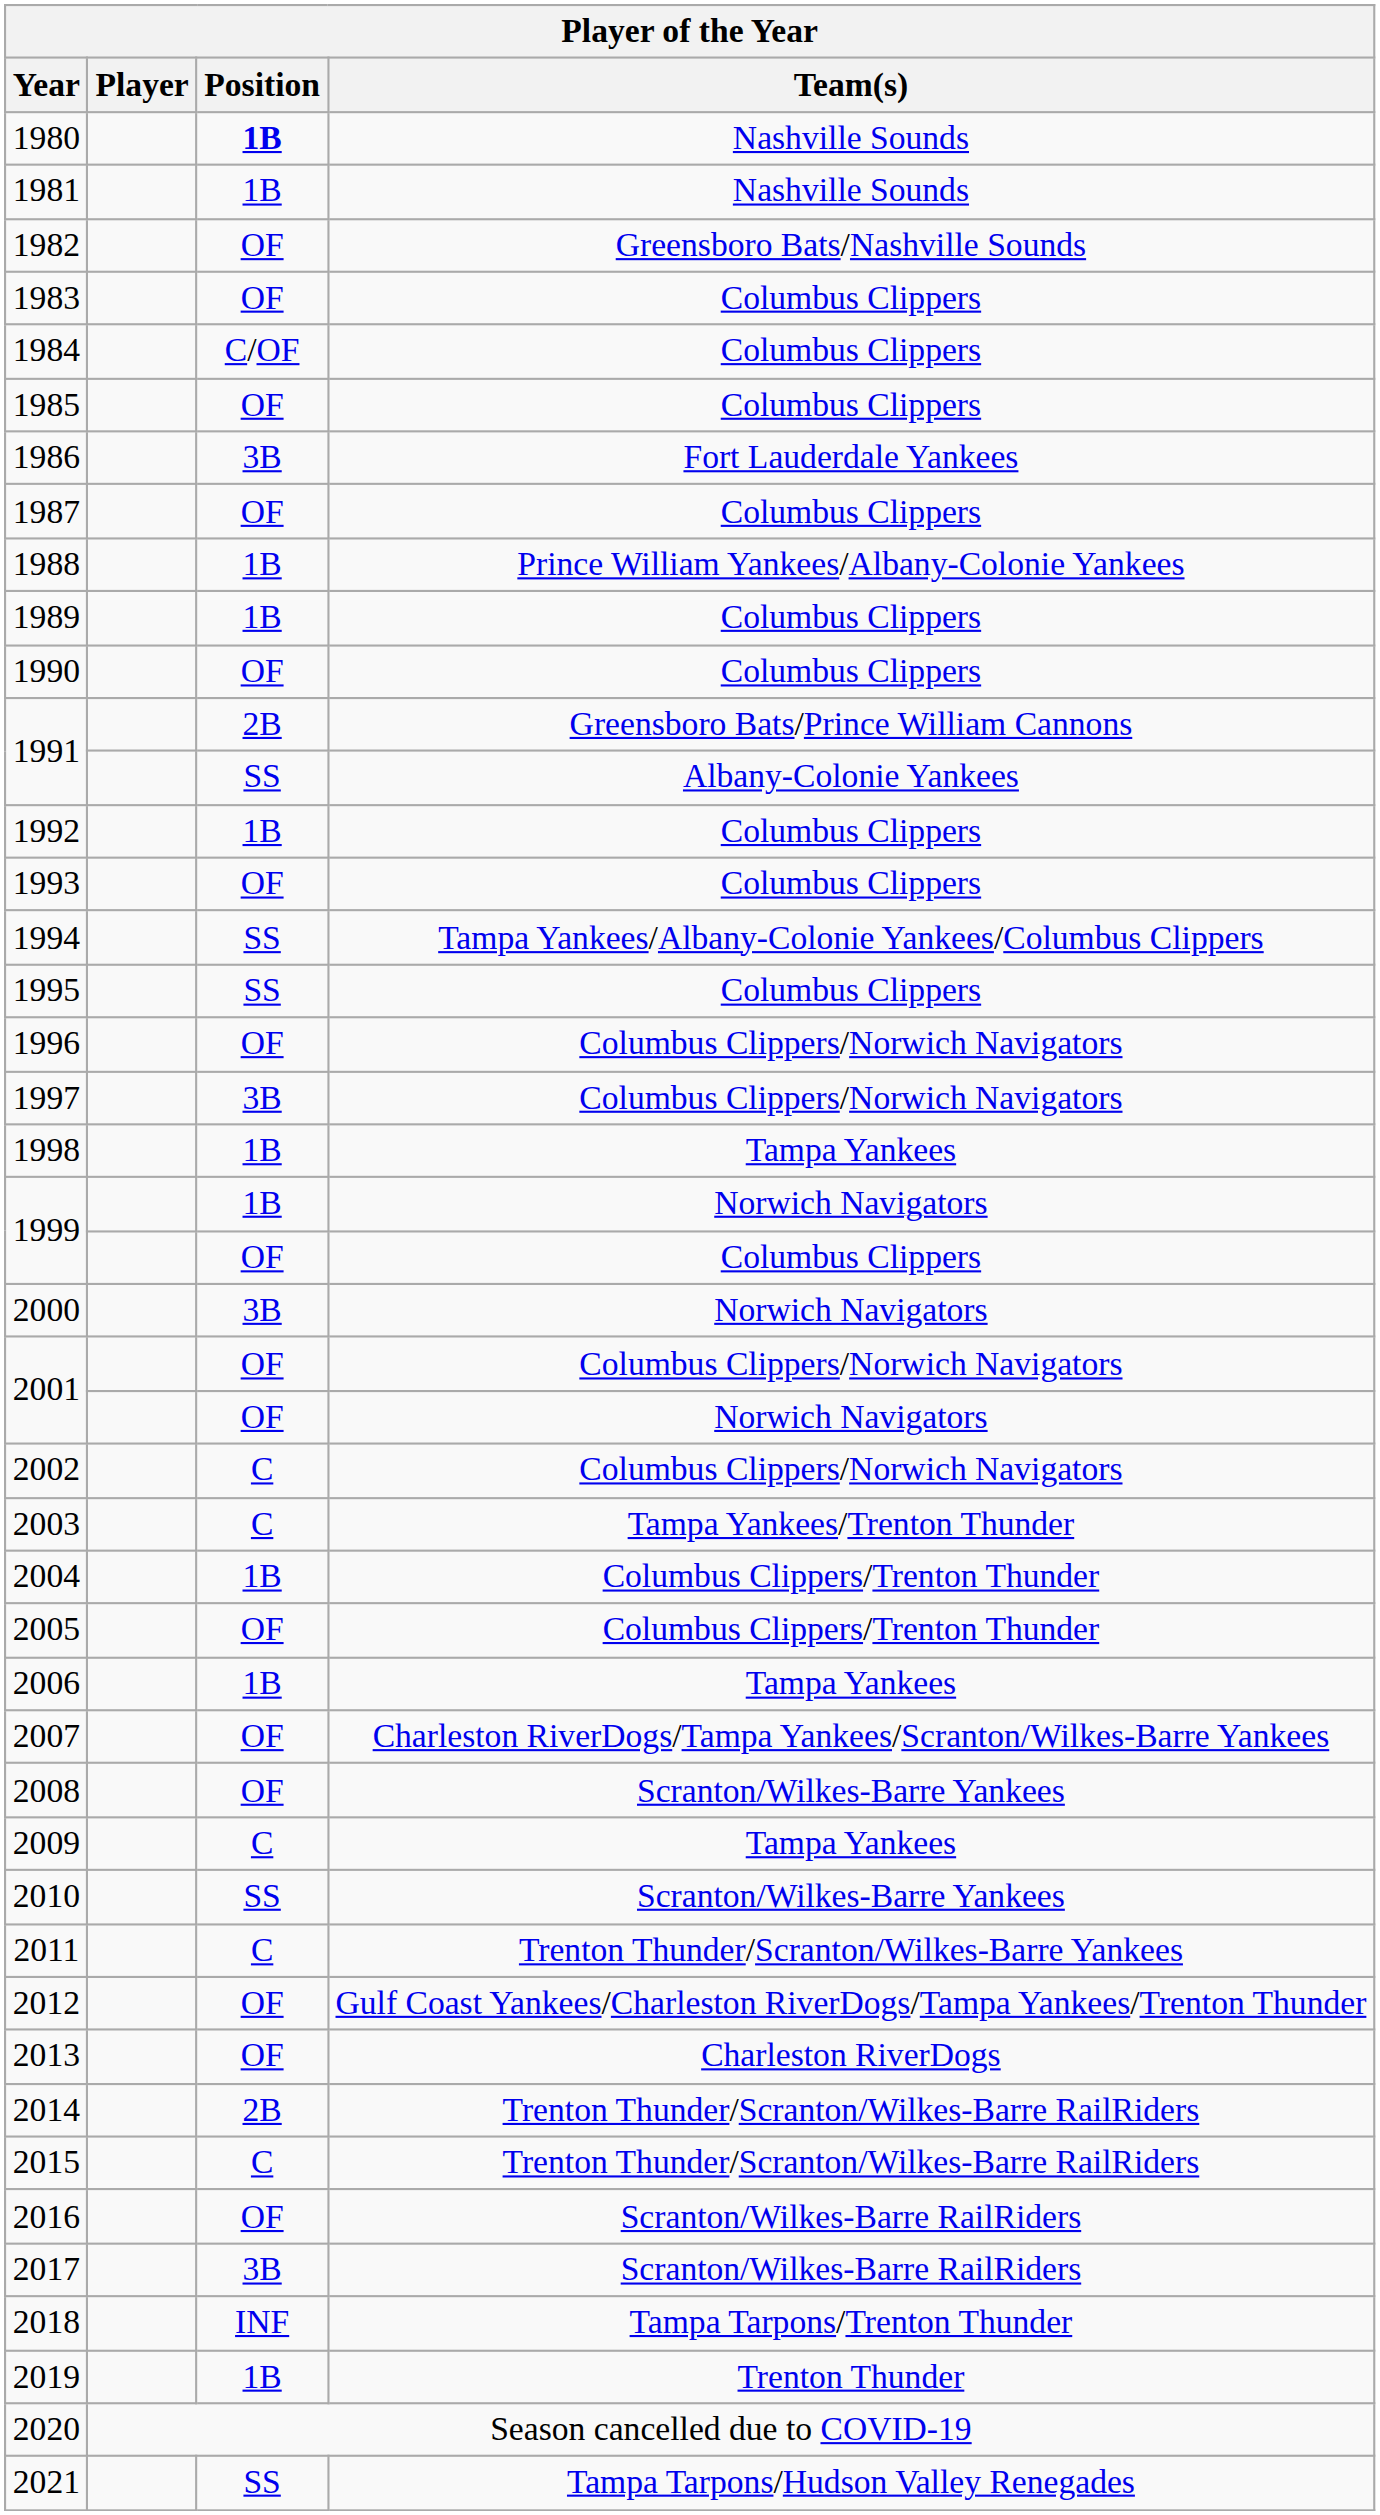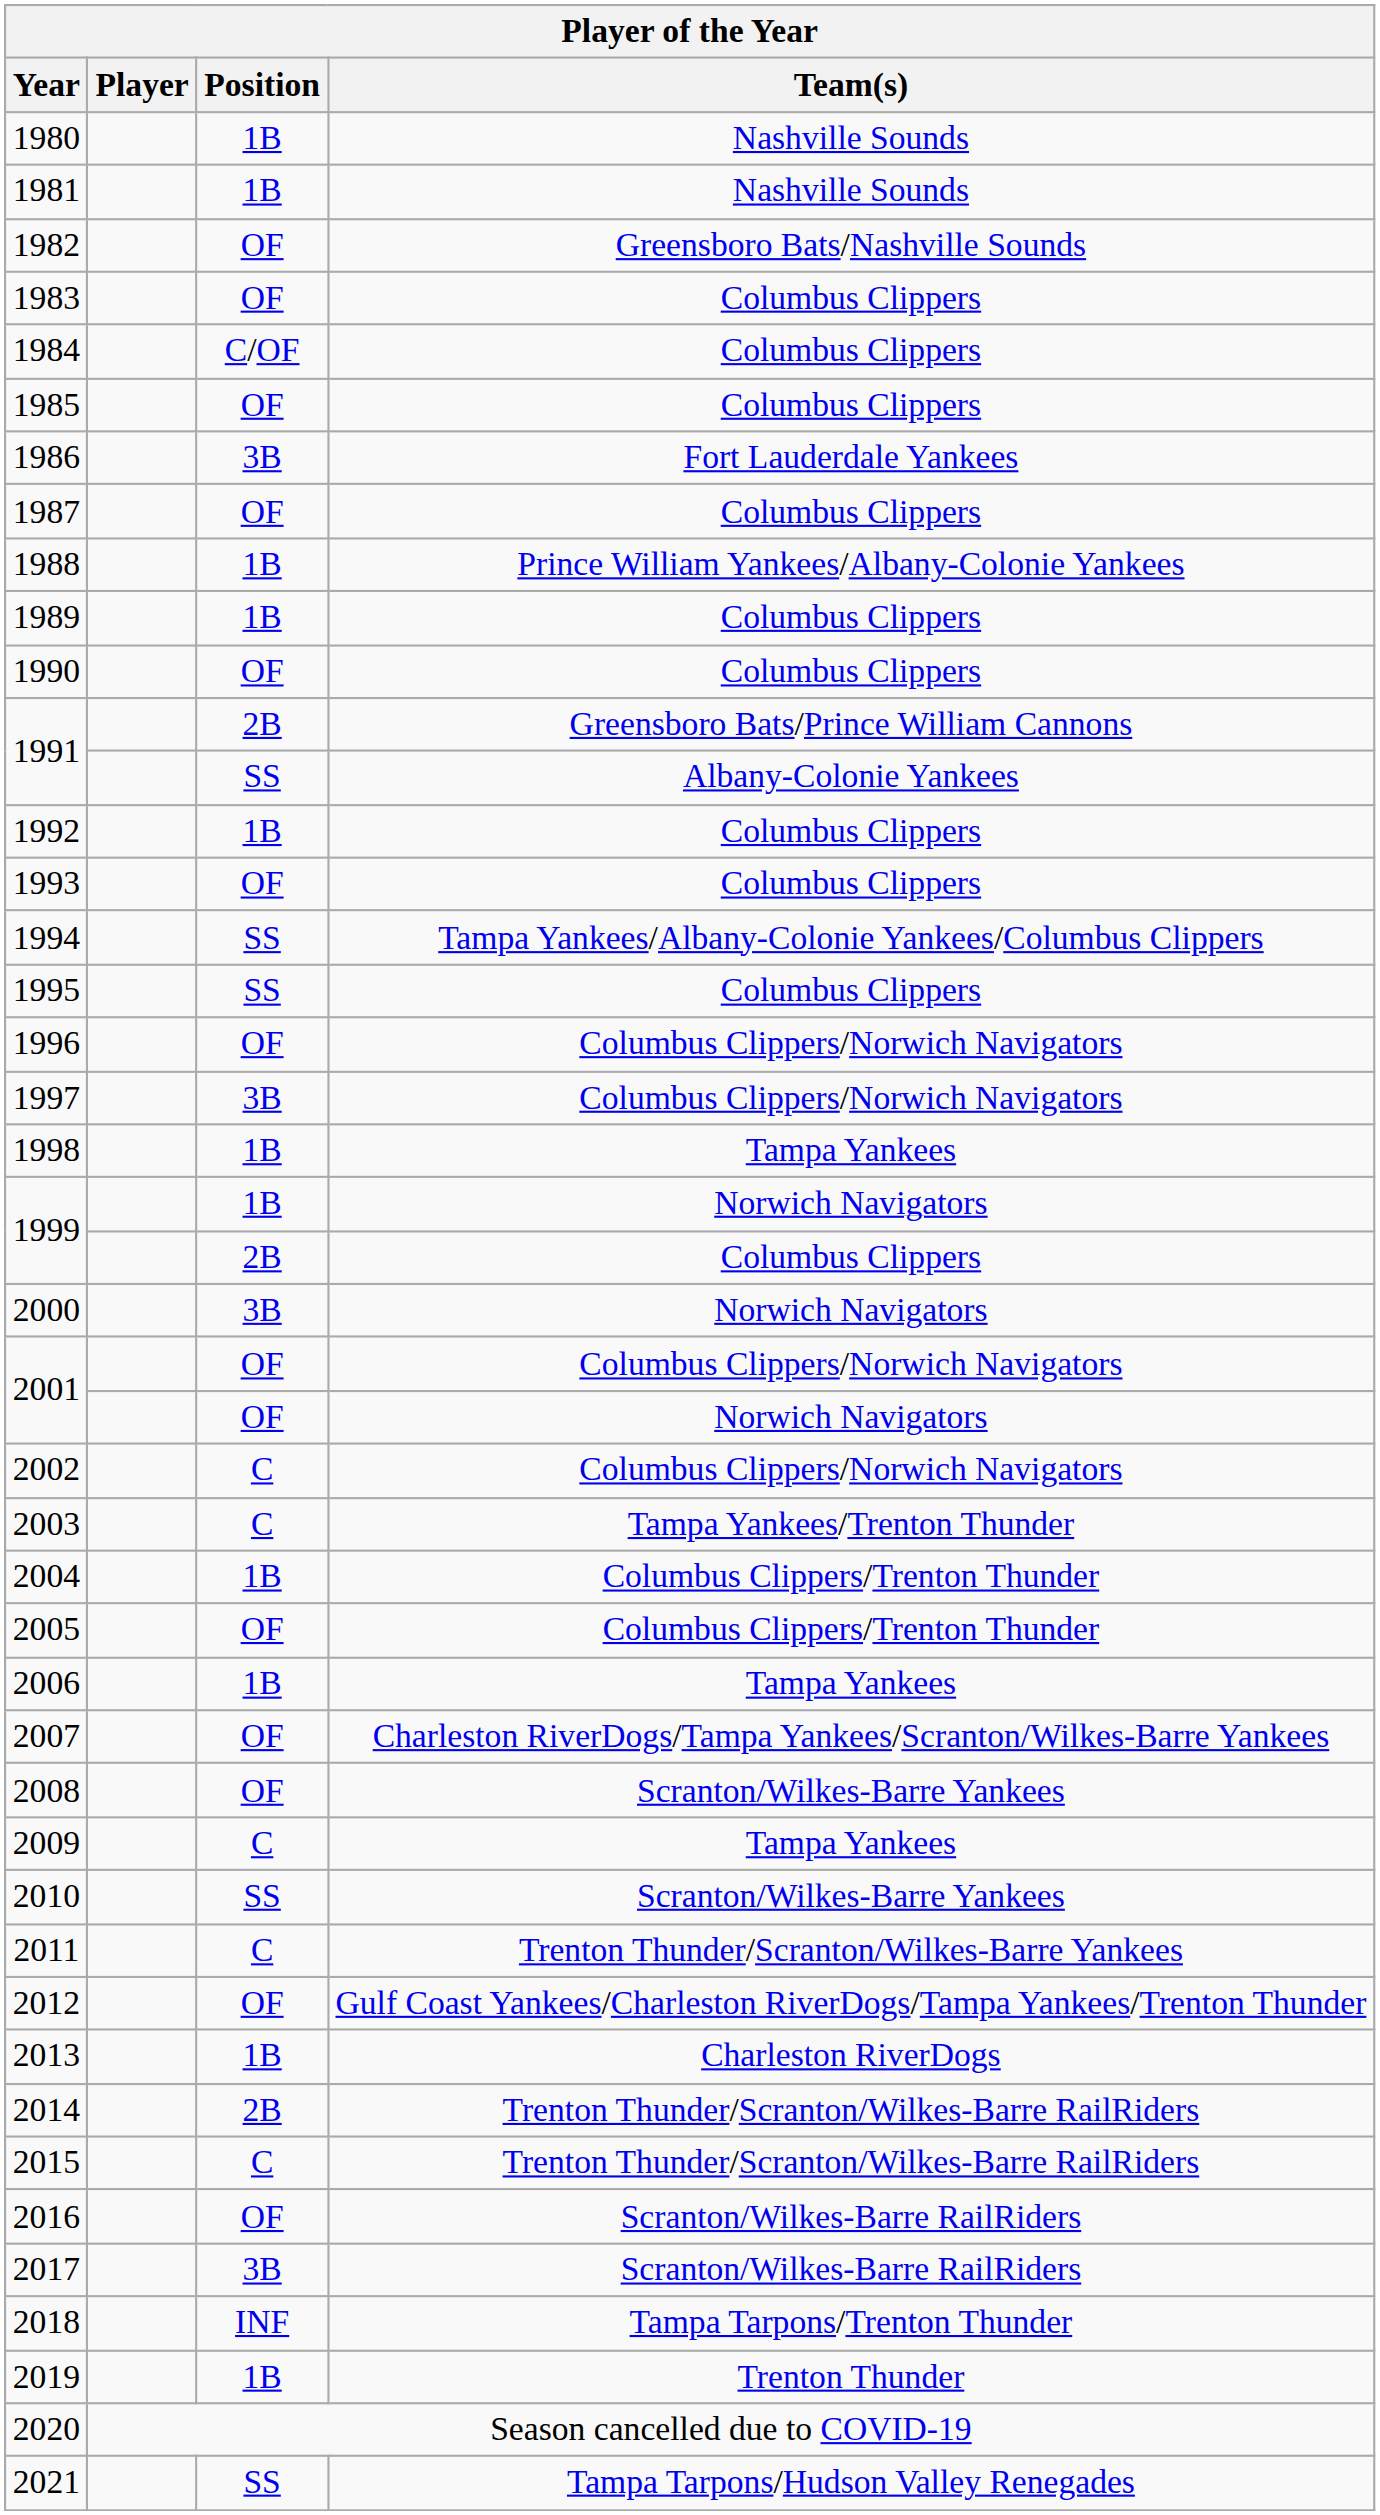 <table class="wikitable" style="text-align:center;">
 <tr>
 <th colspan=4>Player of the Year</th>
 </tr>
 <tr>
 <th>Year</th>
 <th>Player</th>
 <th>Position</th>
 <th>Team(s)</th>
 </tr>
 <tr>
 <td>1980</td>
 <td></td>
-<td><strong><a href='#'>1B</a></strong></td>
+<td><a href='#'>1B</a></td>
 <td><a href='#'>Nashville Sounds</a></td>
 </tr>
 <tr>
 <td>1981</td>
 <td></td>
 <td><a href='#'>1B</a></td>
 <td><a href='#'>Nashville Sounds</a></td>
 </tr>
 <tr>
 <td>1982</td>
 <td></td>
 <td><a href='#'>OF</a></td>
 <td><a href='#'>Greensboro Bats</a>/<a href='#'>Nashville Sounds</a></td>
 </tr>
 <tr>
 <td>1983</td>
 <td></td>
 <td><a href='#'>OF</a></td>
 <td><a href='#'>Columbus Clippers</a></td>
 </tr>
 <tr>
 <td>1984</td>
 <td></td>
 <td><a href='#'>C</a>/<a href='#'>OF</a></td>
 <td><a href='#'>Columbus Clippers</a></td>
 </tr>
 <tr>
 <td>1985</td>
 <td></td>
 <td><a href='#'>OF</a></td>
 <td><a href='#'>Columbus Clippers</a></td>
 </tr>
 <tr>
 <td>1986</td>
 <td></td>
 <td><a href='#'>3B</a></td>
 <td><a href='#'>Fort Lauderdale Yankees</a></td>
 </tr>
 <tr>
 <td>1987</td>
 <td></td>
 <td><a href='#'>OF</a></td>
 <td><a href='#'>Columbus Clippers</a></td>
 </tr>
 <tr>
 <td>1988</td>
 <td></td>
 <td><a href='#'>1B</a></td>
 <td><a href='#'>Prince William Yankees</a>/<a href='#'>Albany-Colonie Yankees</a></td>
 </tr>
 <tr>
 <td>1989</td>
 <td></td>
 <td><a href='#'>1B</a></td>
 <td><a href='#'>Columbus Clippers</a></td>
 </tr>
 <tr>
 <td>1990</td>
 <td></td>
 <td><a href='#'>OF</a></td>
 <td><a href='#'>Columbus Clippers</a></td>
 </tr>
 <tr>
 <td rowspan=2>1991</td>
 <td></td>
 <td><a href='#'>2B</a></td>
 <td><a href='#'>Greensboro Bats</a>/<a href='#'>Prince William Cannons</a></td>
 </tr>
 <tr>
 <td></td>
 <td><a href='#'>SS</a></td>
 <td><a href='#'>Albany-Colonie Yankees</a></td>
 </tr>
 <tr>
 <td>1992</td>
 <td></td>
 <td><a href='#'>1B</a></td>
 <td><a href='#'>Columbus Clippers</a></td>
 </tr>
 <tr>
 <td>1993</td>
 <td></td>
 <td><a href='#'>OF</a></td>
 <td><a href='#'>Columbus Clippers</a></td>
 </tr>
 <tr>
 <td>1994</td>
 <td></td>
 <td><a href='#'>SS</a></td>
 <td><a href='#'>Tampa Yankees</a>/<a href='#'>Albany-Colonie Yankees</a>/<a href='#'>Columbus Clippers</a></td>
 </tr>
 <tr>
 <td>1995</td>
 <td></td>
 <td><a href='#'>SS</a></td>
 <td><a href='#'>Columbus Clippers</a></td>
 </tr>
 <tr>
 <td>1996</td>
 <td></td>
 <td><a href='#'>OF</a></td>
 <td><a href='#'>Columbus Clippers</a>/<a href='#'>Norwich Navigators</a></td>
 </tr>
 <tr>
 <td>1997</td>
 <td></td>
 <td><a href='#'>3B</a></td>
 <td><a href='#'>Columbus Clippers</a>/<a href='#'>Norwich Navigators</a></td>
 </tr>
 <tr>
 <td>1998</td>
 <td></td>
 <td><a href='#'>1B</a></td>
 <td><a href='#'>Tampa Yankees</a></td>
 </tr>
 <tr>
 <td rowspan=2>1999</td>
 <td></td>
 <td><a href='#'>1B</a></td>
 <td><a href='#'>Norwich Navigators</a></td>
 </tr>
 <tr>
 <td></td>
-<td><a href='#'>OF</a></td>
+<td><a href='#'>2B</a></td>
 <td><a href='#'>Columbus Clippers</a></td>
 </tr>
 <tr>
 <td>2000</td>
 <td></td>
 <td><a href='#'>3B</a></td>
 <td><a href='#'>Norwich Navigators</a></td>
 </tr>
 <tr>
 <td rowspan=2>2001</td>
 <td></td>
 <td><a href='#'>OF</a></td>
 <td><a href='#'>Columbus Clippers</a>/<a href='#'>Norwich Navigators</a></td>
 </tr>
 <tr>
 <td></td>
 <td><a href='#'>OF</a></td>
 <td><a href='#'>Norwich Navigators</a></td>
 </tr>
 <tr>
 <td>2002</td>
 <td></td>
 <td><a href='#'>C</a></td>
 <td><a href='#'>Columbus Clippers</a>/<a href='#'>Norwich Navigators</a></td>
 </tr>
 <tr>
 <td>2003</td>
 <td></td>
 <td><a href='#'>C</a></td>
 <td><a href='#'>Tampa Yankees</a>/<a href='#'>Trenton Thunder</a></td>
 </tr>
 <tr>
 <td>2004</td>
 <td></td>
 <td><a href='#'>1B</a></td>
 <td><a href='#'>Columbus Clippers</a>/<a href='#'>Trenton Thunder</a></td>
 </tr>
 <tr>
 <td>2005</td>
 <td></td>
 <td><a href='#'>OF</a></td>
 <td><a href='#'>Columbus Clippers</a>/<a href='#'>Trenton Thunder</a></td>
 </tr>
 <tr>
 <td>2006</td>
 <td></td>
 <td><a href='#'>1B</a></td>
 <td><a href='#'>Tampa Yankees</a></td>
 </tr>
 <tr>
 <td>2007</td>
 <td></td>
 <td><a href='#'>OF</a></td>
 <td><a href='#'>Charleston RiverDogs</a>/<a href='#'>Tampa Yankees</a>/<a href='#'>Scranton/Wilkes-Barre Yankees</a></td>
 </tr>
 <tr>
 <td>2008</td>
 <td></td>
 <td><a href='#'>OF</a></td>
 <td><a href='#'>Scranton/Wilkes-Barre Yankees</a></td>
 </tr>
 <tr>
 <td>2009</td>
 <td></td>
 <td><a href='#'>C</a></td>
 <td><a href='#'>Tampa Yankees</a></td>
 </tr>
 <tr>
 <td>2010</td>
 <td></td>
 <td><a href='#'>SS</a></td>
 <td><a href='#'>Scranton/Wilkes-Barre Yankees</a></td>
 </tr>
 <tr>
 <td>2011</td>
 <td></td>
 <td><a href='#'>C</a></td>
 <td><a href='#'>Trenton Thunder</a>/<a href='#'>Scranton/Wilkes-Barre Yankees</a></td>
 </tr>
 <tr>
 <td>2012</td>
 <td></td>
 <td><a href='#'>OF</a></td>
 <td><a href='#'>Gulf Coast Yankees</a>/<a href='#'>Charleston RiverDogs</a>/<a href='#'>Tampa Yankees</a>/<a href='#'>Trenton Thunder</a></td>
 </tr>
 <tr>
 <td>2013</td>
 <td></td>
-<td><a href='#'>OF</a></td>
+<td><a href='#'>1B</a></td>
 <td><a href='#'>Charleston RiverDogs</a></td>
 </tr>
 <tr>
 <td>2014</td>
 <td></td>
 <td><a href='#'>2B</a></td>
 <td><a href='#'>Trenton Thunder</a>/<a href='#'>Scranton/Wilkes-Barre RailRiders</a></td>
 </tr>
 <tr>
 <td>2015</td>
 <td></td>
 <td><a href='#'>C</a></td>
 <td><a href='#'>Trenton Thunder</a>/<a href='#'>Scranton/Wilkes-Barre RailRiders</a></td>
 </tr>
 <tr>
 <td>2016</td>
 <td></td>
 <td><a href='#'>OF</a></td>
 <td><a href='#'>Scranton/Wilkes-Barre RailRiders</a></td>
 </tr>
 <tr>
 <td>2017</td>
 <td></td>
 <td><a href='#'>3B</a></td>
 <td><a href='#'>Scranton/Wilkes-Barre RailRiders</a></td>
 </tr>
 <tr>
 <td>2018</td>
 <td></td>
 <td><a href='#'>INF</a></td>
 <td><a href='#'>Tampa Tarpons</a>/<a href='#'>Trenton Thunder</a></td>
 </tr>
 <tr>
 <td>2019</td>
 <td></td>
 <td><a href='#'>1B</a></td>
 <td><a href='#'>Trenton Thunder</a></td>
 </tr>
 <tr>
 <td>2020</td>
 <td colspan=3>Season cancelled due to <a href='#'>COVID-19</a></td>
 </tr>
 <tr>
 <td>2021</td>
 <td></td>
 <td><a href='#'>SS</a></td>
 <td><a href='#'>Tampa Tarpons</a>/<a href='#'>Hudson Valley Renegades</a></td>
 </tr>
 </table>
